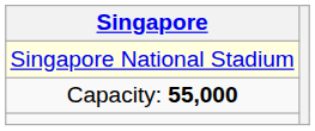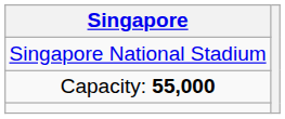 <table class="wikitable" style="margin:0.5em auto; text-align:center">
 <tr>
 <th><a href='#'>Singapore</a></th>
 <th rowspan="4"></th>
 </tr>
 <tr>
-<td style="background: lightyellow;"><a href='#'>Singapore National Stadium</a></td>
+<td><a href='#'>Singapore National Stadium</a></td>
 </tr>
 <tr>
 <td>Capacity: <strong>55,000</strong></td>
 </tr>
 <tr>
 <td></td>
 </tr>
 </table>
